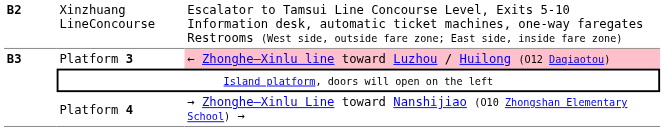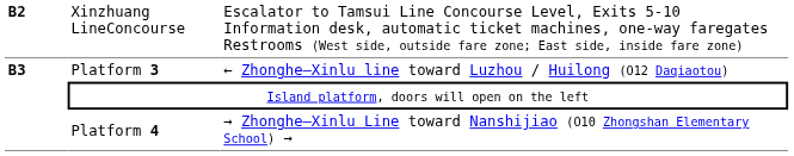 <table border=0 cellspacing=0 cellpadding=3>
 <tr>
 <td style="border-bottom:solid 1px gray;" width=50 valign=top><strong>B2</strong></td>
 <td style="border-bottom:solid 1px gray;" width=130 valign=top>Xinzhuang LineConcourse</td>
 <td style="border-bottom:solid 1px gray;" width=500 valign=top>Escalator to Tamsui Line Concourse Level, Exits 5-10<br>Information desk, automatic ticket machines, one-way faregates<br>Restrooms <small>(West side, outside fare zone; East side, inside fare zone)</small></td>
 </tr>
 <tr>
 <td style="border-bottom:solid 1px gray;" rowspan=3 valign=top><strong>B3</strong></td>
 <td style="border-bottom:solid 0px gray;">Platform <span><strong>3</strong></span></td>
-<td style="background: pink;">←  <a href='#'>Zhonghe–Xinlu line</a> toward <a href='#'>Luzhou</a> / <a href='#'>Huilong</a> <small>(O12 <a href='#'>Daqiaotou</a>)</small></td>
+<td>←  <a href='#'>Zhonghe–Xinlu line</a> toward <a href='#'>Luzhou</a> / <a href='#'>Huilong</a> <small>(O12 <a href='#'>Daqiaotou</a>)</small></td>
 </tr>
 <tr>
 <td style="border-top:solid 2px black;border-right:solid 2px black;border-left:solid 2px black;border-bottom:solid 2px black;text-align:center;" colspan=2><small><a href='#'>Island platform</a>, doors will open on the left</small></td>
 </tr>
 <tr>
 <td style="border-bottom:solid 1px gray;">Platform <span><strong>4</strong></span></td>
 <td style="border-bottom:solid 1px gray;"><span>→</span>  <a href='#'>Zhonghe–Xinlu Line</a> toward <a href='#'>Nanshijiao</a> <small>(O10 <a href='#'>Zhongshan Elementary School</a>)</small> →</td>
 </tr>
 <tr>
 </tr>
 </table>
